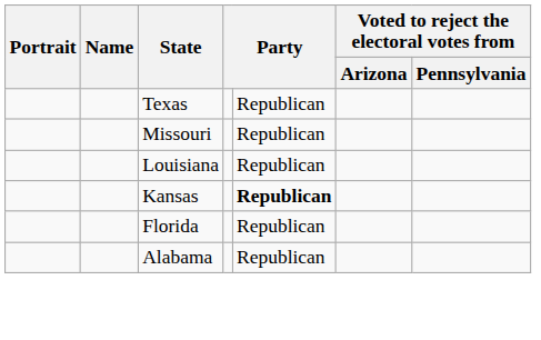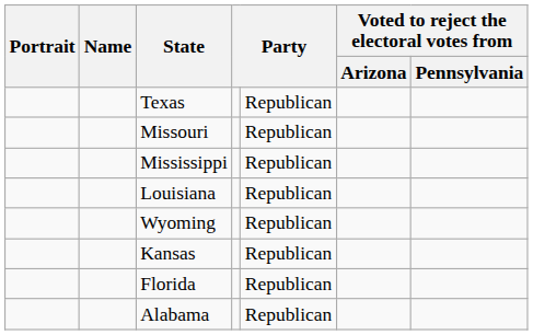 <table class="wikitable sortable">
 <tr>
 <th rowspan=2>Portrait</th>
 <th rowspan=2>Name</th>
 <th rowspan=2>State</th>
 <th rowspan=2 colspan=2>Party</th>
 <th colspan=2 width=40>Voted to reject the electoral votes from</th>
 </tr>
 <tr>
 <th>Arizona</th>
 <th>Pennsylvania</th>
 </tr>
 <tr>
 <td data-sort-value="Cruz, Ted"></td>
 <td></td>
 <td>Texas</td>
 <td style="background-color:"></td>
 <td>Republican</td>
 <td></td>
 <td></td>
 </tr>
 <tr>
 <td data-sort-value="Hawley, Josh"></td>
 <td></td>
 <td>Missouri</td>
 <td style="background-color:"></td>
 <td>Republican</td>
 <td></td>
 <td></td>
 </tr>
 <tr>
+<td data-sort-value="Hyde-Smith, Cindy"></td>
+<td></td>
+<td>Mississippi</td>
+<td style="background-color:"></td>
+<td>Republican</td>
+<td></td>
+<td></td>
+</tr>
+<tr>
 <td data-sort-value="Kennedy, John"></td>
 <td></td>
 <td>Louisiana</td>
+<td style="background-color:"></td>
+<td>Republican</td>
+<td></td>
+<td></td>
+</tr>
+<tr>
+<td data-sort-value="Lummis, Cynthia"></td>
+<td></td>
+<td>Wyoming</td>
 <td style="background-color:"></td>
 <td>Republican</td>
 <td></td>
 <td></td>
 </tr>
 <tr>
 <td data-sort-value="Marshall, Roger"></td>
 <td></td>
 <td>Kansas</td>
 <td style="background-color:"></td>
-<td><strong>Republican</strong></td>
+<td>Republican</td>
 <td></td>
 <td></td>
 </tr>
 <tr>
 <td data-sort-value="Scott, Rick"></td>
 <td></td>
 <td>Florida</td>
 <td style="background-color:"></td>
 <td>Republican</td>
 <td></td>
 <td></td>
 </tr>
 <tr>
 <td data-sort-value="Tuberville, Tommy"></td>
 <td></td>
 <td>Alabama</td>
 <td style="background-color:"></td>
 <td>Republican</td>
 <td></td>
 <td></td>
 </tr>
 </table>
